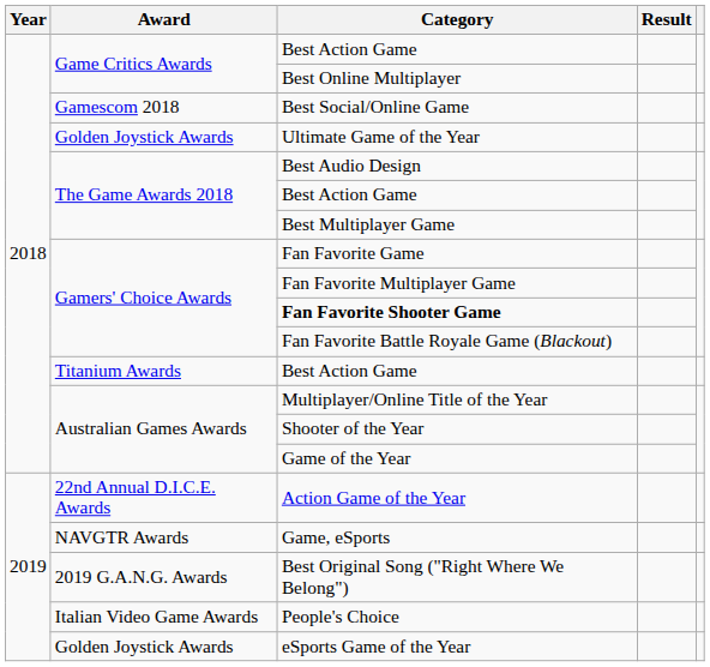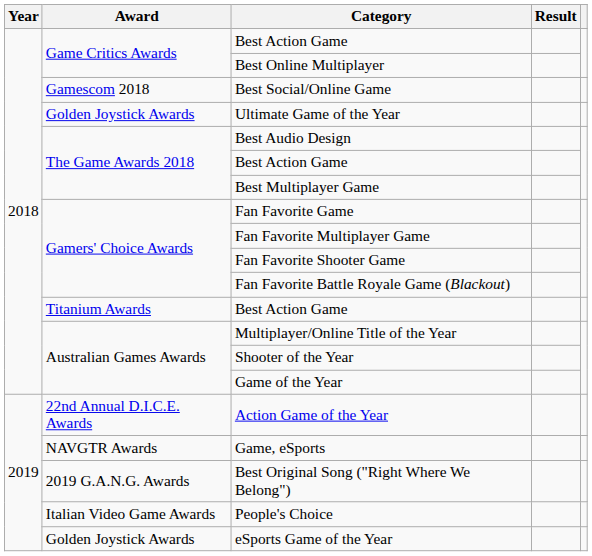 <table class="wikitable sortable">
 <tr>
 <th>Year</th>
 <th>Award</th>
 <th>Category</th>
 <th>Result</th>
 <th></th>
 </tr>
 <tr>
 <td style="text-align:center;" rowspan="15">2018</td>
 <td rowspan="2"><a href='#'>Game Critics Awards</a></td>
 <td>Best Action Game</td>
 <td></td>
 <td rowspan="2" style="text-align:center;"></td>
 </tr>
 <tr>
 <td>Best Online Multiplayer</td>
 <td></td>
 </tr>
 <tr>
 <td><a href='#'>Gamescom</a> 2018</td>
 <td>Best Social/Online Game</td>
 <td></td>
 <td style="text-align:center;"></td>
 </tr>
 <tr>
 <td><a href='#'>Golden Joystick Awards</a></td>
 <td>Ultimate Game of the Year</td>
 <td></td>
 <td style="text-align:center;"></td>
 </tr>
 <tr>
 <td rowspan="3"><a href='#'>The Game Awards 2018</a></td>
 <td>Best Audio Design</td>
 <td></td>
 <td rowspan="3" style="text-align:center;"></td>
 </tr>
 <tr>
 <td>Best Action Game</td>
 <td></td>
 </tr>
 <tr>
 <td>Best Multiplayer Game</td>
 <td></td>
 </tr>
 <tr>
 <td rowspan="4"><a href='#'>Gamers' Choice Awards</a></td>
 <td>Fan Favorite Game</td>
 <td></td>
 <td rowspan="4" style="text-align:center;"></td>
 </tr>
 <tr>
 <td>Fan Favorite Multiplayer Game</td>
 <td></td>
 </tr>
 <tr>
-<td><strong>Fan Favorite Shooter Game</strong></td>
+<td>Fan Favorite Shooter Game</td>
 <td></td>
 </tr>
 <tr>
 <td>Fan Favorite Battle Royale Game (<em>Blackout</em>)</td>
 <td></td>
 </tr>
 <tr>
 <td><a href='#'>Titanium Awards</a></td>
 <td>Best Action Game</td>
 <td></td>
 <td style="text-align:center;"></td>
 </tr>
 <tr>
 <td rowspan="3">Australian Games Awards</td>
 <td>Multiplayer/Online Title of the Year</td>
 <td></td>
 <td rowspan="3" style="text-align:center;"></td>
 </tr>
 <tr>
 <td>Shooter of the Year</td>
 <td></td>
 </tr>
 <tr>
 <td>Game of the Year</td>
 <td></td>
 </tr>
 <tr>
 <td style="text-align:center;" rowspan="5">2019</td>
 <td><a href='#'>22nd Annual D.I.C.E. Awards</a></td>
 <td><a href='#'>Action Game of the Year</a></td>
 <td></td>
 <td style="text-align:center;"></td>
 </tr>
 <tr>
 <td>NAVGTR Awards</td>
 <td>Game, eSports</td>
 <td></td>
 <td style="text-align:center;"></td>
 </tr>
 <tr>
 <td>2019 G.A.N.G. Awards</td>
 <td>Best Original Song ("Right Where We Belong")</td>
 <td></td>
 <td style="text-align:center;"></td>
 </tr>
 <tr>
 <td>Italian Video Game Awards</td>
 <td>People's Choice</td>
 <td></td>
 <td style="text-align:center;"></td>
 </tr>
 <tr>
 <td>Golden Joystick Awards</td>
 <td>eSports Game of the Year</td>
 <td></td>
 <td style="text-align:center;"></td>
 </tr>
 </table>
